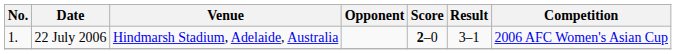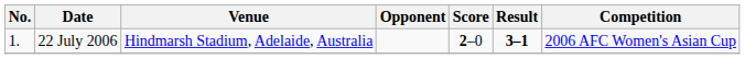 <table class="wikitable">
 <tr>
 <th>No.</th>
 <th>Date</th>
 <th>Venue</th>
 <th>Opponent</th>
 <th>Score</th>
 <th>Result</th>
 <th>Competition</th>
 </tr>
 <tr>
 <td>1.</td>
 <td>22 July 2006</td>
 <td><a href='#'>Hindmarsh Stadium</a>, <a href='#'>Adelaide</a>, <a href='#'>Australia</a></td>
 <td></td>
 <td align=center><strong>2</strong>–0</td>
-<td align=center>3–1</td>
+<td align=center><strong>3–1</strong></td>
 <td><a href='#'>2006 AFC Women's Asian Cup</a></td>
 </tr>
 <tr>
 </tr>
 </table>
